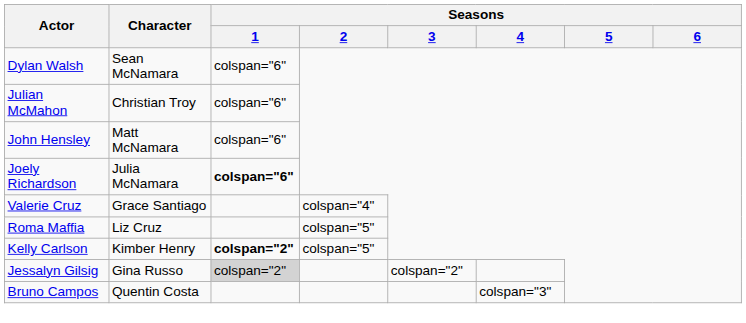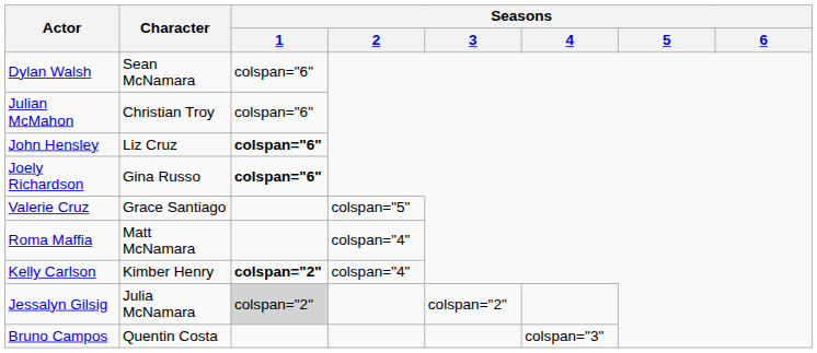 <table class="wikitable plainrowheaders">
 <tr>
 <th scope="col" rowspan="2">Actor</th>
 <th scope="col" rowspan="2">Character</th>
 <th scope="col" colspan="6">Seasons</th>
 </tr>
 <tr>
 <th style="width:12%;"><a href='#'>1</a></th>
 <th style="width:12%;"><a href='#'>2</a></th>
 <th style="width:12%;"><a href='#'>3</a></th>
 <th style="width:12%;"><a href='#'>4</a></th>
 <th style="width:12%;"><a href='#'>5</a></th>
 <th style="width:12%;"><a href='#'>6</a></th>
 </tr>
 <tr>
 <td><a href='#'>Dylan Walsh</a></td>
 <td>Sean McNamara</td>
 <td>colspan="6" </td>
 </tr>
 <tr>
 <td><a href='#'>Julian McMahon</a></td>
 <td>Christian Troy</td>
 <td>colspan="6" </td>
 </tr>
 <tr>
 <td><a href='#'>John Hensley</a></td>
-<td>Matt McNamara</td>
-<td>colspan="6" </td>
+<td>Liz Cruz</td>
+<td><strong>colspan="6" </strong></td>
 </tr>
 <tr>
 <td><a href='#'>Joely Richardson</a></td>
-<td>Julia McNamara</td>
+<td>Gina Russo</td>
 <td><strong>colspan="6" </strong></td>
 </tr>
 <tr>
 <td><a href='#'>Valerie Cruz</a></td>
 <td>Grace Santiago</td>
 <td></td>
-<td>colspan="4" </td>
+<td>colspan="5" </td>
 </tr>
 <tr>
 <td><a href='#'>Roma Maffia</a></td>
-<td>Liz Cruz</td>
+<td>Matt McNamara</td>
 <td></td>
-<td>colspan="5" </td>
+<td>colspan="4" </td>
 </tr>
 <tr>
 <td><a href='#'>Kelly Carlson</a></td>
 <td>Kimber Henry</td>
 <td><strong>colspan="2" </strong></td>
-<td>colspan="5" </td>
+<td>colspan="4" </td>
 </tr>
 <tr>
 <td><a href='#'>Jessalyn Gilsig</a></td>
-<td>Gina Russo</td>
+<td>Julia McNamara</td>
 <td style="background: lightgrey;">colspan="2" </td>
 <td></td>
 <td>colspan="2" </td>
 <td></td>
 </tr>
 <tr>
 <td><a href='#'>Bruno Campos</a></td>
 <td>Quentin Costa</td>
 <td></td>
 <td></td>
 <td></td>
 <td>colspan="3" </td>
 </tr>
 </table>
